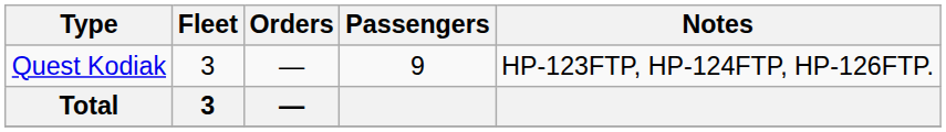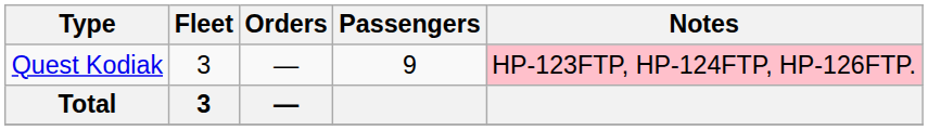 <table class="wikitable" style="margin: 1em auto;">
 <tr>
 <th>Type</th>
 <th>Fleet</th>
 <th>Orders</th>
 <th>Passengers</th>
 <th>Notes</th>
 </tr>
 <tr>
 <td><a href='#'>Quest Kodiak</a></td>
 <td align=center>3</td>
 <td align=center>—</td>
 <td align=center>9</td>
-<td>HP-123FTP, HP-124FTP, HP-126FTP.</td>
+<td style="background: pink;">HP-123FTP, HP-124FTP, HP-126FTP.</td>
 </tr>
 <tr>
 <th>Total</th>
 <th>3</th>
 <th>—</th>
 <th></th>
 <th></th>
 </tr>
 <tr>
 </tr>
 </table>
